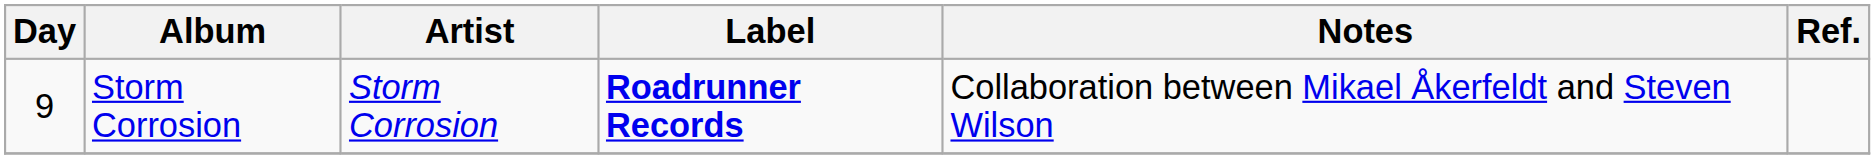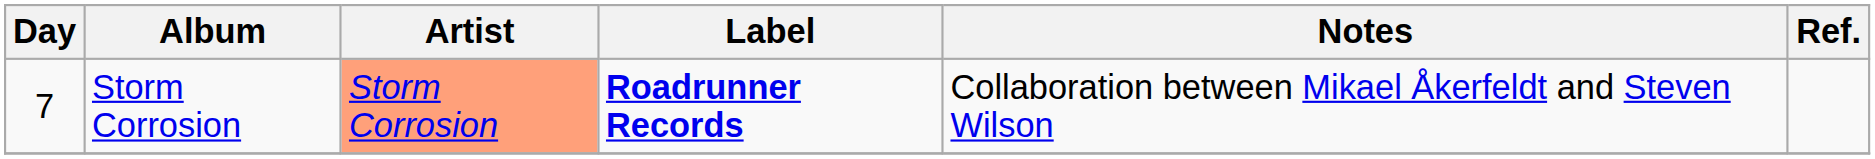 <table class="wikitable">
 <tr>
 <th>Day</th>
 <th>Album</th>
 <th>Artist</th>
 <th>Label</th>
 <th>Notes</th>
 <th>Ref.</th>
 </tr>
 <tr>
-<td rowspan="1" style="text-align:center;">9</td>
+<td rowspan="1" style="text-align:center;">7</td>
 <td><a href='#'>Storm Corrosion</a></td>
-<td><em><a href='#'>Storm Corrosion</a></em></td>
+<td style="background: lightsalmon;"><em><a href='#'>Storm Corrosion</a></em></td>
 <td><strong><a href='#'>Roadrunner Records</a></strong></td>
 <td>Collaboration between <a href='#'>Mikael Åkerfeldt</a> and <a href='#'>Steven Wilson</a></td>
 <td style="text-align:center;"></td>
 </tr>
 <tr>
 </tr>
 </table>
